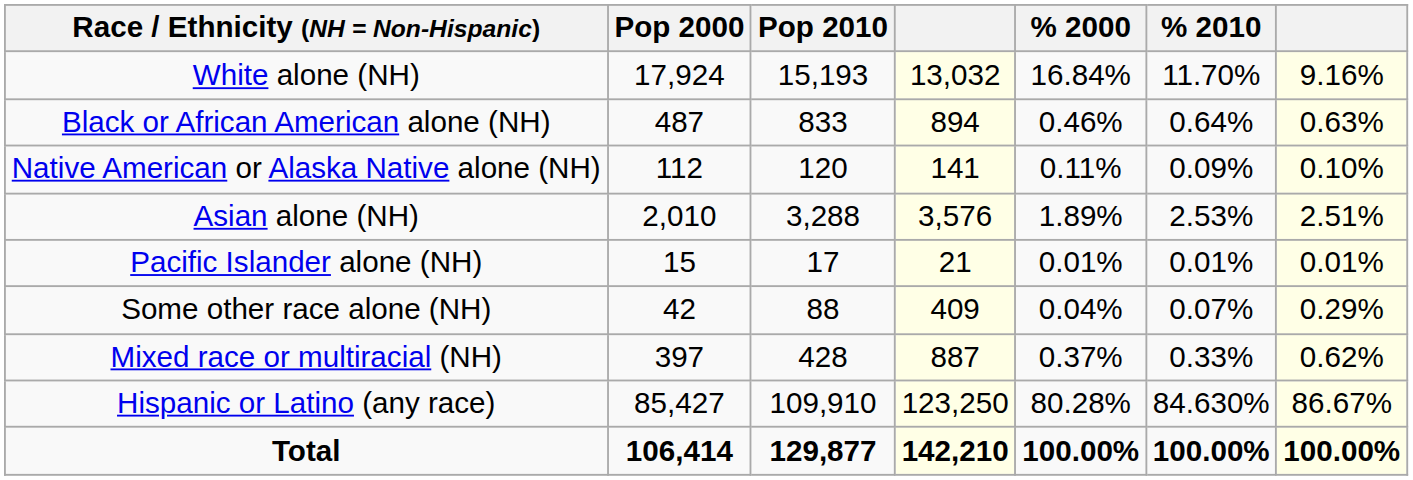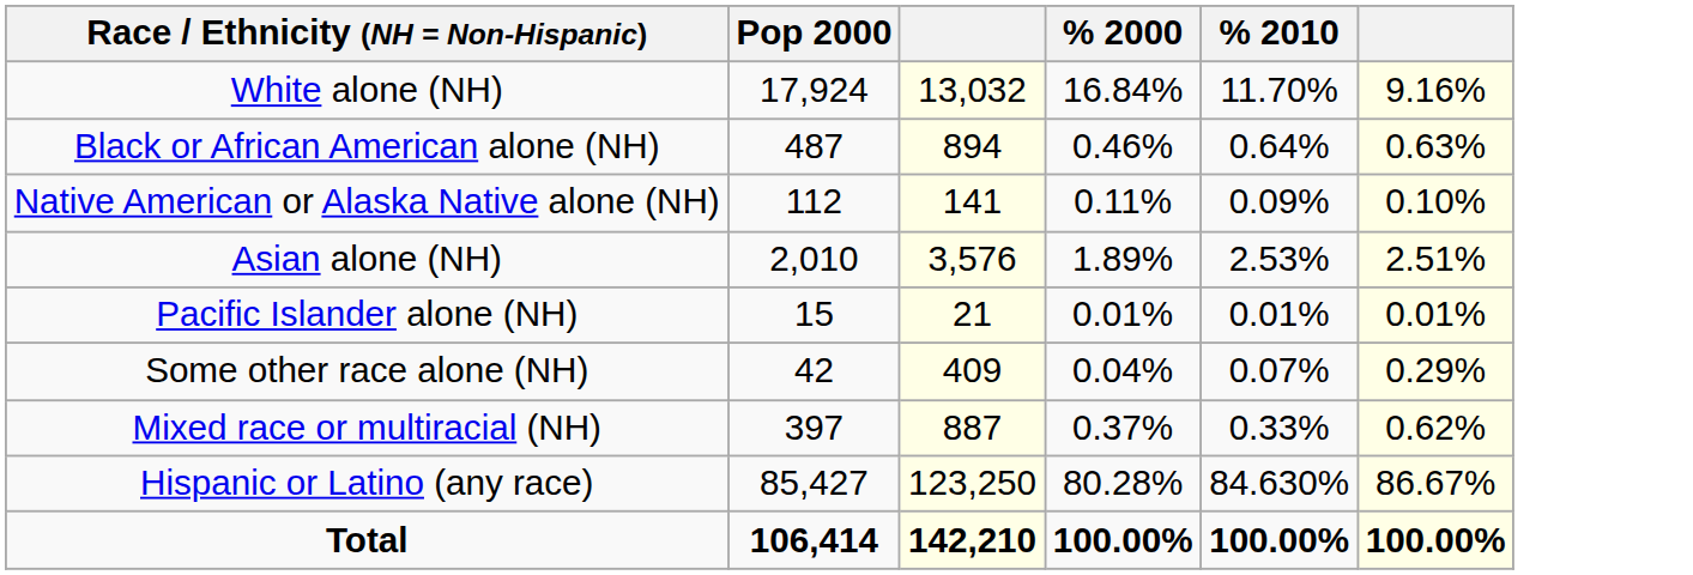 <table class="wikitable" style="text-align:center;">
 <tr>
 <th>Race / Ethnicity <small>(<em>NH = Non-Hispanic</em>)</small></th>
 <th>Pop 2000</th>
-<th>Pop 2010</th>
 <th></th>
 <th>% 2000</th>
 <th>% 2010</th>
 <th></th>
 </tr>
 <tr>
 <td><a href='#'>White</a> alone (NH)</td>
 <td>17,924</td>
-<td>15,193</td>
 <td style='background: #ffffe6;'>13,032</td>
 <td>16.84%</td>
 <td>11.70%</td>
 <td style='background: #ffffe6;'>9.16%</td>
 </tr>
 <tr>
 <td><a href='#'>Black or African American</a> alone (NH)</td>
 <td>487</td>
-<td>833</td>
 <td style='background: #ffffe6;'>894</td>
 <td>0.46%</td>
 <td>0.64%</td>
 <td style='background: #ffffe6;'>0.63%</td>
 </tr>
 <tr>
 <td><a href='#'>Native American</a> or <a href='#'>Alaska Native</a> alone (NH)</td>
 <td>112</td>
-<td>120</td>
 <td style='background: #ffffe6;'>141</td>
 <td>0.11%</td>
 <td>0.09%</td>
 <td style='background: #ffffe6;'>0.10%</td>
 </tr>
 <tr>
 <td><a href='#'>Asian</a> alone (NH)</td>
 <td>2,010</td>
-<td>3,288</td>
 <td style='background: #ffffe6;'>3,576</td>
 <td>1.89%</td>
 <td>2.53%</td>
 <td style='background: #ffffe6;'>2.51%</td>
 </tr>
 <tr>
 <td><a href='#'>Pacific Islander</a> alone (NH)</td>
 <td>15</td>
-<td>17</td>
 <td style='background: #ffffe6;'>21</td>
 <td>0.01%</td>
 <td>0.01%</td>
 <td style='background: #ffffe6;'>0.01%</td>
 </tr>
 <tr>
 <td>Some other race alone (NH)</td>
 <td>42</td>
-<td>88</td>
 <td style='background: #ffffe6;'>409</td>
 <td>0.04%</td>
 <td>0.07%</td>
 <td style='background: #ffffe6;'>0.29%</td>
 </tr>
 <tr>
 <td><a href='#'>Mixed race or multiracial</a> (NH)</td>
 <td>397</td>
-<td>428</td>
 <td style='background: #ffffe6;'>887</td>
 <td>0.37%</td>
 <td>0.33%</td>
 <td style='background: #ffffe6;'>0.62%</td>
 </tr>
 <tr>
 <td><a href='#'>Hispanic or Latino</a> (any race)</td>
 <td>85,427</td>
-<td>109,910</td>
 <td style='background: #ffffe6;'>123,250</td>
 <td>80.28%</td>
 <td>84.630%</td>
 <td style='background: #ffffe6;'>86.67%</td>
 </tr>
 <tr>
 <td><strong>Total</strong></td>
 <td><strong>106,414</strong></td>
-<td><strong>129,877</strong></td>
 <td style='background: #ffffe6;'><strong>142,210</strong></td>
 <td><strong>100.00%</strong></td>
 <td><strong>100.00%</strong></td>
 <td style='background: #ffffe6;'><strong>100.00%</strong></td>
 </tr>
 </table>
